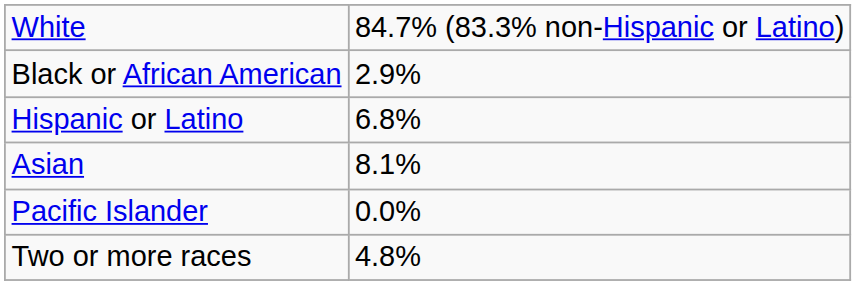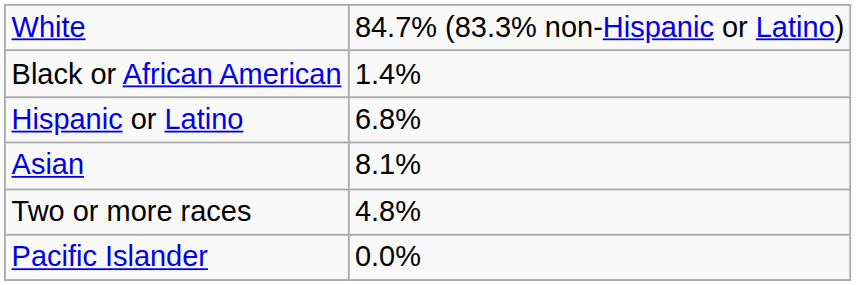 <table class="wikitable">
 <tr>
 <td><a href='#'>White</a></td>
 <td>84.7% (83.3% non-<a href='#'>Hispanic</a> or <a href='#'>Latino</a>)</td>
 </tr>
 <tr>
 <td>Black or <a href='#'>African American</a></td>
-<td>2.9%</td>
+<td>1.4%</td>
 </tr>
 <tr>
 <td><a href='#'>Hispanic</a> or <a href='#'>Latino</a></td>
 <td>6.8%</td>
 </tr>
 <tr>
 <td><a href='#'>Asian</a></td>
 <td>8.1%</td>
 </tr>
 <tr>
+<td>Two or more races</td>
+<td>4.8%</td>
+</tr>
+<tr>
 <td><a href='#'>Pacific Islander</a></td>
 <td>0.0%</td>
 </tr>
-<tr>
-<td>Two or more races</td>
-<td>4.8%</td>
-</tr>
 </table>
